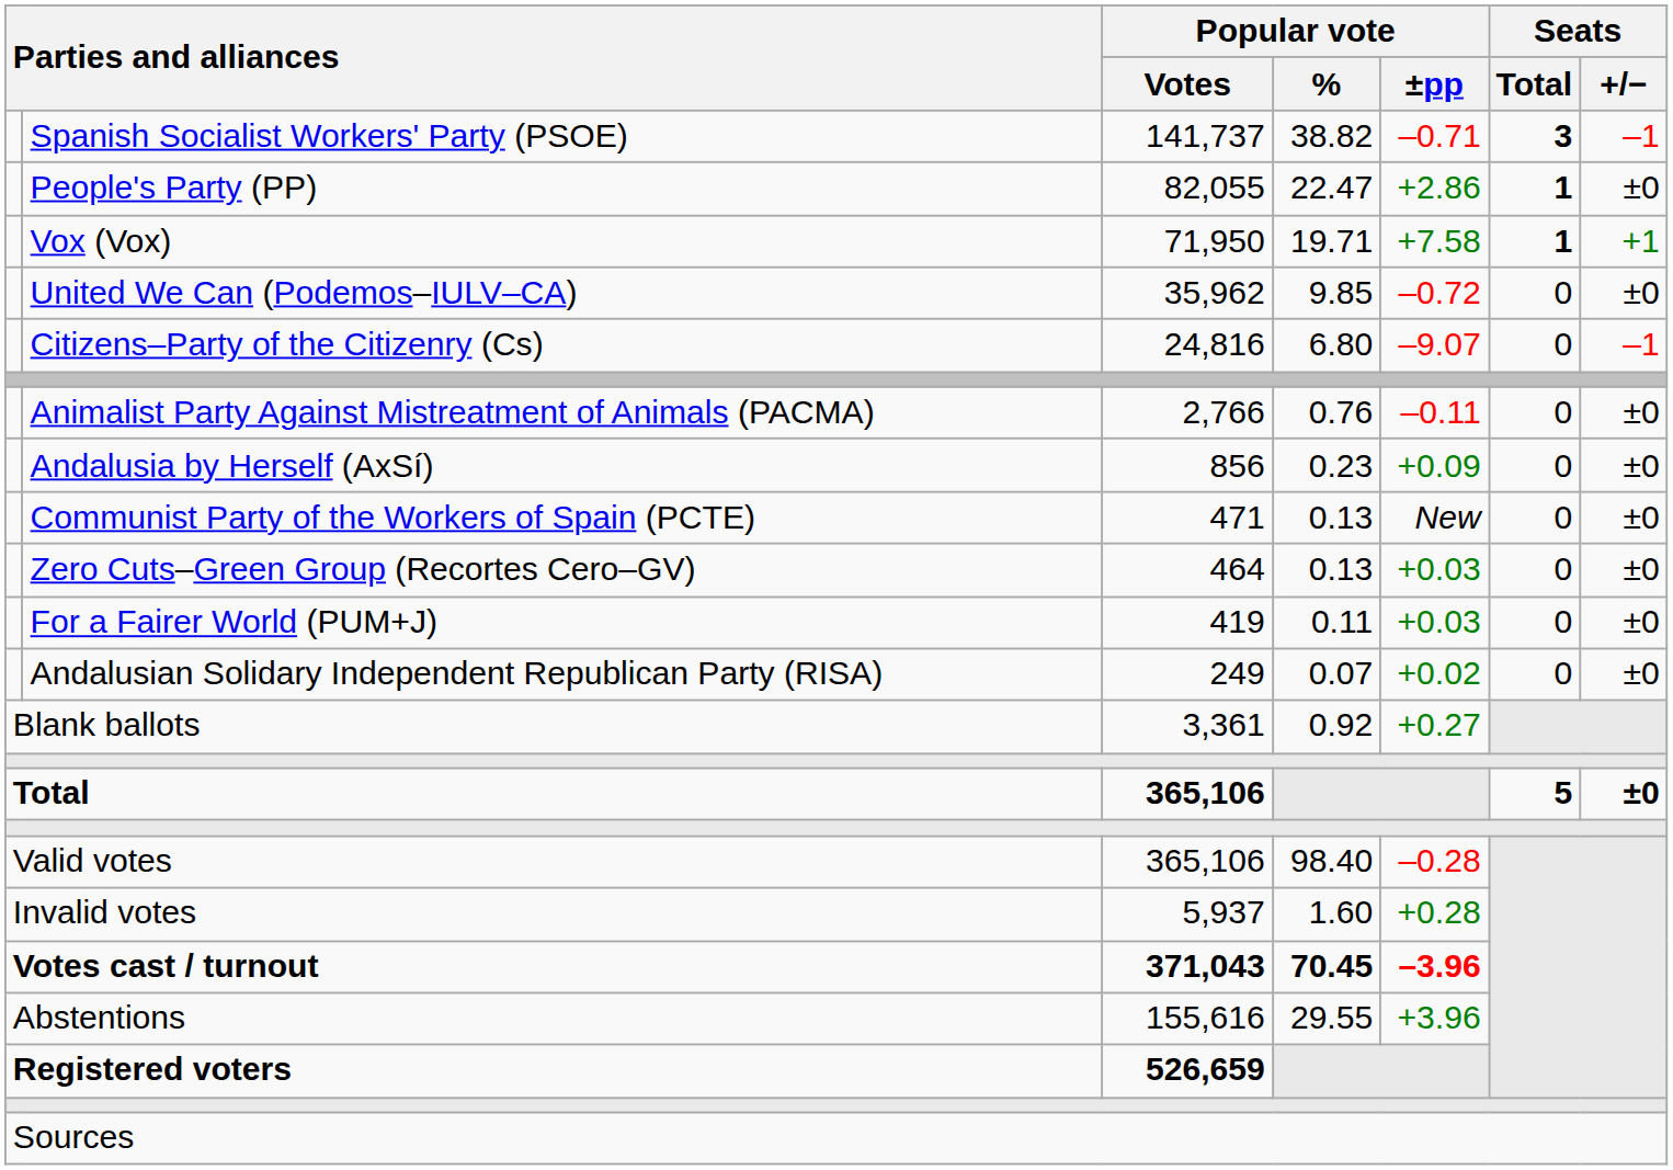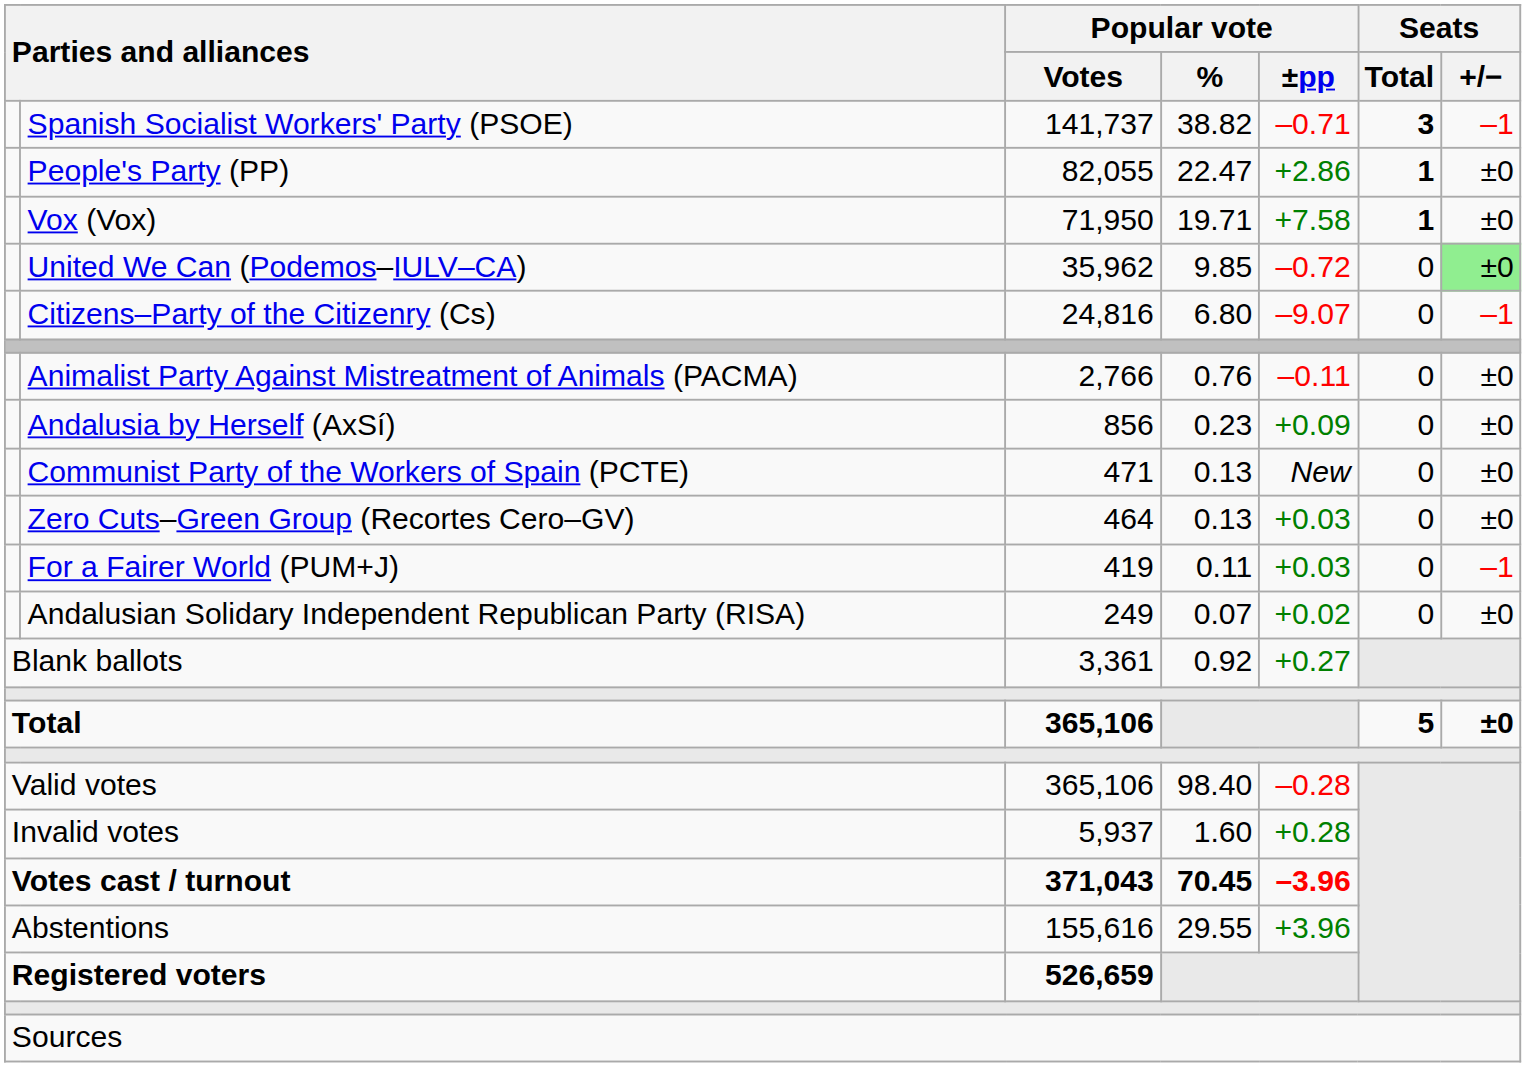 <table class="wikitable" style="text-align:right;">
 <tr>
 <th style="text-align:left;" rowspan="2" colspan="2" width="525">Parties and alliances</th>
 <th colspan="3">Popular vote</th>
 <th colspan="2">Seats</th>
 </tr>
 <tr>
 <th width="75">Votes</th>
 <th width="45">%</th>
 <th width="45">±<a href='#'>pp</a></th>
 <th width="35">Total</th>
 <th width="35">+/−</th>
 </tr>
 <tr>
 <td width="1" style="color:inherit;background:"></td>
 <td align="left"><a href='#'>Spanish Socialist Workers' Party</a> (PSOE)</td>
 <td>141,737</td>
 <td>38.82</td>
 <td style="color:red;">–0.71</td>
 <td><strong>3</strong></td>
 <td style="color:red;">–1</td>
 </tr>
 <tr>
 <td style="color:inherit;background:"></td>
 <td align="left"><a href='#'>People's Party</a> (PP)</td>
 <td>82,055</td>
 <td>22.47</td>
 <td style="color:green;">+2.86</td>
 <td><strong>1</strong></td>
 <td>±0</td>
 </tr>
 <tr>
 <td style="color:inherit;background:"></td>
 <td align="left"><a href='#'>Vox</a> (Vox)</td>
 <td>71,950</td>
 <td>19.71</td>
 <td style="color:green;">+7.58</td>
 <td><strong>1</strong></td>
-<td style="color:green;">+1</td>
+<td>±0</td>
 </tr>
 <tr>
 <td style="color:inherit;background:"></td>
 <td align="left"><a href='#'>United We Can</a> (<a href='#'>Podemos</a>–<a href='#'>IULV–CA</a>)</td>
 <td>35,962</td>
 <td>9.85</td>
 <td style="color:red;">–0.72</td>
 <td>0</td>
-<td>±0</td>
+<td style="background: lightgreen;">±0</td>
 </tr>
 <tr>
 <td style="color:inherit;background:"></td>
 <td align="left"><a href='#'>Citizens–Party of the Citizenry</a> (Cs)</td>
 <td>24,816</td>
 <td>6.80</td>
 <td style="color:red;">–9.07</td>
 <td>0</td>
 <td style="color:red;">–1</td>
 </tr>
 <tr>
 <td colspan="7" bgcolor="#C0C0C0"></td>
 </tr>
 <tr>
 <td style="color:inherit;background:"></td>
 <td align="left"><a href='#'>Animalist Party Against Mistreatment of Animals</a> (PACMA)</td>
 <td>2,766</td>
 <td>0.76</td>
 <td style="color:red;">–0.11</td>
 <td>0</td>
 <td>±0</td>
 </tr>
 <tr>
 <td style="color:inherit;background:"></td>
 <td align="left"><a href='#'>Andalusia by Herself</a> (AxSí)</td>
 <td>856</td>
 <td>0.23</td>
 <td style="color:green;">+0.09</td>
 <td>0</td>
 <td>±0</td>
 </tr>
 <tr>
 <td style="color:inherit;background:"></td>
 <td align="left"><a href='#'>Communist Party of the Workers of Spain</a> (PCTE)</td>
 <td>471</td>
 <td>0.13</td>
 <td><em>New</em></td>
 <td>0</td>
 <td>±0</td>
 </tr>
 <tr>
 <td style="color:inherit;background:"></td>
 <td align="left"><a href='#'>Zero Cuts</a>–<a href='#'>Green Group</a> (Recortes Cero–GV)</td>
 <td>464</td>
 <td>0.13</td>
 <td style="color:green;">+0.03</td>
 <td>0</td>
 <td>±0</td>
 </tr>
 <tr>
 <td style="color:inherit;background:"></td>
 <td align="left"><a href='#'>For a Fairer World</a> (PUM+J)</td>
 <td>419</td>
 <td>0.11</td>
 <td style="color:green;">+0.03</td>
 <td>0</td>
-<td>±0</td>
+<td style="color:red;">–1</td>
 </tr>
 <tr>
 <td style="color:inherit;background:"></td>
 <td align="left">Andalusian Solidary Independent Republican Party (RISA)</td>
 <td>249</td>
 <td>0.07</td>
 <td style="color:green;">+0.02</td>
 <td>0</td>
 <td>±0</td>
 </tr>
 <tr>
 <td align="left" colspan="2">Blank ballots</td>
 <td>3,361</td>
 <td>0.92</td>
 <td style="color:green;">+0.27</td>
 <td bgcolor="#E9E9E9" colspan="2"></td>
 </tr>
 <tr>
 <td colspan="7" bgcolor="#E9E9E9"></td>
 </tr>
 <tr style="font-weight:bold;">
 <td align="left" colspan="2">Total</td>
 <td>365,106</td>
 <td bgcolor="#E9E9E9" colspan="2"></td>
 <td>5</td>
 <td>±0</td>
 </tr>
 <tr>
 <td colspan="7" bgcolor="#E9E9E9"></td>
 </tr>
 <tr>
 <td align="left" colspan="2">Valid votes</td>
 <td>365,106</td>
 <td>98.40</td>
 <td style="color:red;">–0.28</td>
 <td bgcolor="#E9E9E9" colspan="2" rowspan="5"></td>
 </tr>
 <tr>
 <td align="left" colspan="2">Invalid votes</td>
 <td>5,937</td>
 <td>1.60</td>
 <td style="color:green;">+0.28</td>
 </tr>
 <tr style="font-weight:bold;">
 <td align="left" colspan="2">Votes cast / turnout</td>
 <td>371,043</td>
 <td>70.45</td>
 <td style="color:red;">–3.96</td>
 </tr>
 <tr>
 <td align="left" colspan="2">Abstentions</td>
 <td>155,616</td>
 <td>29.55</td>
 <td style="color:green;">+3.96</td>
 </tr>
 <tr style="font-weight:bold;">
 <td align="left" colspan="2">Registered voters</td>
 <td>526,659</td>
 <td bgcolor="#E9E9E9" colspan="2"></td>
 </tr>
 <tr>
 <td colspan="7" bgcolor="#E9E9E9"></td>
 </tr>
 <tr>
 <td align="left" colspan="7">Sources</td>
 </tr>
 </table>
